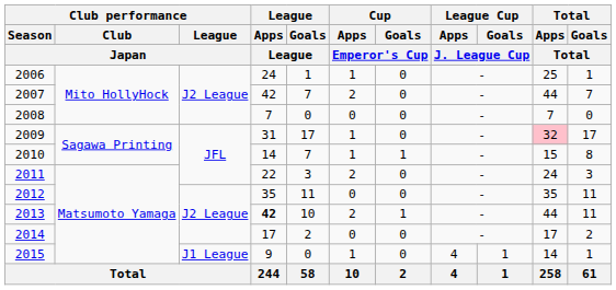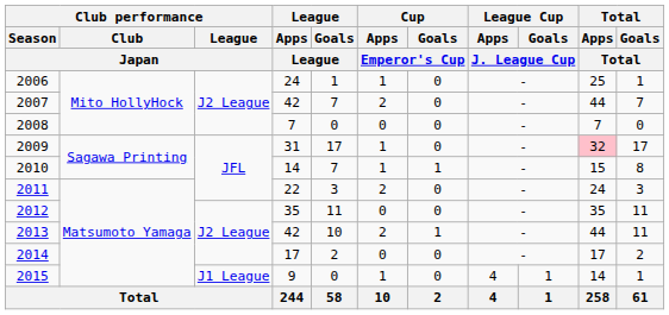 <table class="wikitable" style="text-align:center;">
 <tr>
 <th colspan=3>Club performance</th>
 <th colspan=2>League</th>
 <th colspan=2>Cup</th>
 <th colspan=2>League Cup</th>
 <th colspan=2>Total</th>
 </tr>
 <tr>
 <th>Season</th>
 <th>Club</th>
 <th>League</th>
 <th>Apps</th>
 <th>Goals</th>
 <th>Apps</th>
 <th>Goals</th>
 <th>Apps</th>
 <th>Goals</th>
 <th>Apps</th>
 <th>Goals</th>
 </tr>
 <tr>
 <th colspan=3>Japan</th>
 <th colspan=2>League</th>
 <th colspan=2><a href='#'>Emperor's Cup</a></th>
 <th colspan="2"><a href='#'>J. League Cup</a></th>
 <th colspan=2>Total</th>
 </tr>
 <tr>
 <td>2006</td>
 <td rowspan="3"><a href='#'>Mito HollyHock</a></td>
 <td rowspan="3"><a href='#'>J2 League</a></td>
 <td>24</td>
 <td>1</td>
 <td>1</td>
 <td>0</td>
 <td colspan="2">-</td>
 <td>25</td>
 <td>1</td>
 </tr>
 <tr>
 <td>2007</td>
 <td>42</td>
 <td>7</td>
 <td>2</td>
 <td>0</td>
 <td colspan="2">-</td>
 <td>44</td>
 <td>7</td>
 </tr>
 <tr>
 <td>2008</td>
 <td>7</td>
 <td>0</td>
 <td>0</td>
 <td>0</td>
 <td colspan="2">-</td>
 <td>7</td>
 <td>0</td>
 </tr>
 <tr>
 <td>2009</td>
 <td rowspan="2"><a href='#'>Sagawa Printing</a></td>
 <td rowspan="3"><a href='#'>JFL</a></td>
 <td>31</td>
 <td>17</td>
 <td>1</td>
 <td>0</td>
 <td colspan="2">-</td>
 <td style="background: pink;">32</td>
 <td>17</td>
 </tr>
 <tr>
 <td>2010</td>
 <td>14</td>
 <td>7</td>
 <td>1</td>
 <td>1</td>
 <td colspan="2">-</td>
 <td>15</td>
 <td>8</td>
 </tr>
 <tr>
 <td><a href='#'>2011</a></td>
 <td rowspan="5"><a href='#'>Matsumoto Yamaga</a></td>
 <td>22</td>
 <td>3</td>
 <td>2</td>
 <td>0</td>
 <td colspan="2">-</td>
 <td>24</td>
 <td>3</td>
 </tr>
 <tr>
 <td><a href='#'>2012</a></td>
 <td rowspan="3"><a href='#'>J2 League</a></td>
 <td>35</td>
 <td>11</td>
 <td>0</td>
 <td>0</td>
 <td colspan="2">-</td>
 <td>35</td>
 <td>11</td>
 </tr>
 <tr>
 <td><a href='#'>2013</a></td>
-<td><strong>42</strong></td>
+<td>42</td>
 <td>10</td>
 <td>2</td>
 <td>1</td>
 <td colspan="2">-</td>
 <td>44</td>
 <td>11</td>
 </tr>
 <tr>
 <td><a href='#'>2014</a></td>
 <td>17</td>
 <td>2</td>
 <td>0</td>
 <td>0</td>
 <td colspan="2">-</td>
 <td>17</td>
 <td>2</td>
 </tr>
 <tr>
 <td><a href='#'>2015</a></td>
 <td><a href='#'>J1 League</a></td>
 <td>9</td>
 <td>0</td>
 <td>1</td>
 <td>0</td>
 <td>4</td>
 <td>1</td>
 <td>14</td>
 <td>1</td>
 </tr>
 <tr>
 <th colspan=3>Total</th>
 <th>244</th>
 <th>58</th>
 <th>10</th>
 <th>2</th>
 <th>4</th>
 <th>1</th>
 <th>258</th>
 <th>61</th>
 </tr>
 </table>
